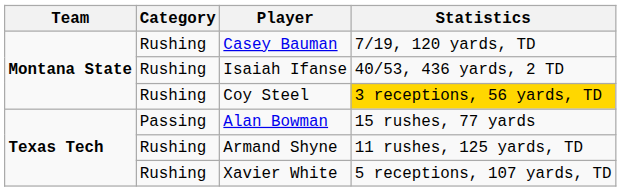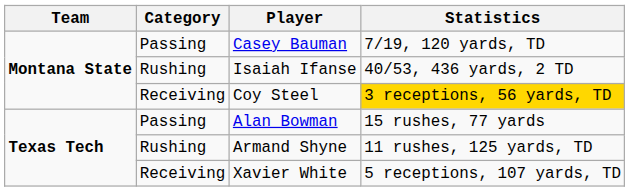 <table class="wikitable" style="float: left;">
 <tr>
 <th>Team</th>
 <th>Category</th>
 <th>Player</th>
 <th>Statistics</th>
 </tr>
 <tr>
 <td rowspan=3><strong>Montana State</strong></td>
-<td>Rushing</td>
+<td>Passing</td>
 <td><a href='#'>Casey Bauman</a></td>
 <td>7/19, 120 yards, TD</td>
 </tr>
 <tr>
 <td>Rushing</td>
 <td>Isaiah Ifanse</td>
 <td>40/53, 436 yards, 2 TD</td>
 </tr>
 <tr>
-<td>Rushing</td>
+<td>Receiving</td>
 <td>Coy Steel</td>
 <td style="background: gold;">3 receptions, 56 yards, TD</td>
 </tr>
 <tr>
 <td rowspan=3><strong>Texas Tech</strong></td>
 <td>Passing</td>
 <td><a href='#'>Alan Bowman</a></td>
 <td>15 rushes, 77 yards</td>
 </tr>
 <tr>
 <td>Rushing</td>
 <td>Armand Shyne</td>
 <td>11 rushes, 125 yards, TD</td>
 </tr>
 <tr>
-<td>Rushing</td>
+<td>Receiving</td>
 <td>Xavier White</td>
 <td>5 receptions, 107 yards, TD</td>
 </tr>
 </table>
